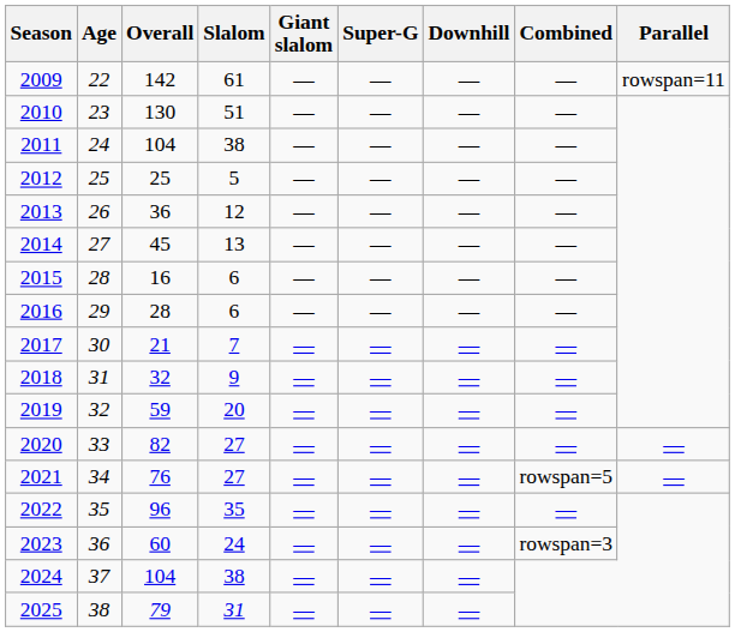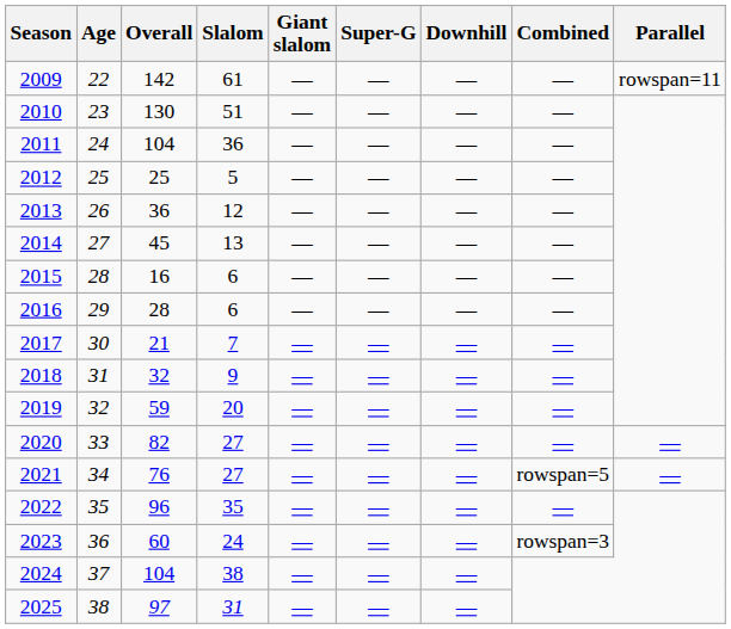 <table class=wikitable style="text-align:center">
 <tr>
 <th>Season</th>
 <th>Age</th>
 <th>Overall</th>
 <th>Slalom</th>
 <th>Giant<br>slalom</th>
 <th>Super-G</th>
 <th>Downhill</th>
 <th>Combined</th>
 <th>Parallel</th>
 </tr>
 <tr>
 <td><a href='#'>2009</a></td>
 <td><em>22</em></td>
 <td>142</td>
 <td>61</td>
 <td>—</td>
 <td>—</td>
 <td>—</td>
 <td>—</td>
 <td>rowspan=11 </td>
 </tr>
 <tr>
 <td><a href='#'>2010</a></td>
 <td><em>23</em></td>
 <td>130</td>
 <td>51</td>
 <td>—</td>
 <td>—</td>
 <td>—</td>
 <td>—</td>
 </tr>
 <tr>
 <td><a href='#'>2011</a></td>
 <td><em>24</em></td>
 <td>104</td>
-<td>38</td>
+<td>36</td>
 <td>—</td>
 <td>—</td>
 <td>—</td>
 <td>—</td>
 </tr>
 <tr>
 <td><a href='#'>2012</a></td>
 <td><em>25</em></td>
 <td>25</td>
 <td>5</td>
 <td>—</td>
 <td>—</td>
 <td>—</td>
 <td>—</td>
 </tr>
 <tr>
 <td><a href='#'>2013</a></td>
 <td><em>26</em></td>
 <td>36</td>
 <td>12</td>
 <td>—</td>
 <td>—</td>
 <td>—</td>
 <td>—</td>
 </tr>
 <tr>
 <td><a href='#'>2014</a></td>
 <td><em>27</em></td>
 <td>45</td>
 <td>13</td>
 <td>—</td>
 <td>—</td>
 <td>—</td>
 <td>—</td>
 </tr>
 <tr>
 <td><a href='#'>2015</a></td>
 <td><em>28</em></td>
 <td>16</td>
 <td>6</td>
 <td>—</td>
 <td>—</td>
 <td>—</td>
 <td>—</td>
 </tr>
 <tr>
 <td><a href='#'>2016</a></td>
 <td><em>29</em></td>
 <td>28</td>
 <td>6</td>
 <td>—</td>
 <td>—</td>
 <td>—</td>
 <td>—</td>
 </tr>
 <tr>
 <td><a href='#'>2017</a></td>
 <td><em>30</em></td>
 <td><a href='#'>21</a></td>
 <td><a href='#'>7</a></td>
 <td><a href='#'>—</a></td>
 <td><a href='#'>—</a></td>
 <td><a href='#'>—</a></td>
 <td><a href='#'>—</a></td>
 </tr>
 <tr>
 <td><a href='#'>2018</a></td>
 <td><em>31</em></td>
 <td><a href='#'>32</a></td>
 <td><a href='#'>9</a></td>
 <td><a href='#'>—</a></td>
 <td><a href='#'>—</a></td>
 <td><a href='#'>—</a></td>
 <td><a href='#'>—</a></td>
 </tr>
 <tr>
 <td><a href='#'>2019</a></td>
 <td><em>32</em></td>
 <td><a href='#'>59</a></td>
 <td><a href='#'>20</a></td>
 <td><a href='#'>—</a></td>
 <td><a href='#'>—</a></td>
 <td><a href='#'>—</a></td>
 <td><a href='#'>—</a></td>
 </tr>
 <tr>
 <td><a href='#'>2020</a></td>
 <td><em>33</em></td>
 <td><a href='#'>82</a></td>
 <td><a href='#'>27</a></td>
 <td><a href='#'>—</a></td>
 <td><a href='#'>—</a></td>
 <td><a href='#'>—</a></td>
 <td><a href='#'>—</a></td>
 <td><a href='#'>—</a></td>
 </tr>
 <tr>
 <td><a href='#'>2021</a></td>
 <td><em>34</em></td>
 <td><a href='#'>76</a></td>
 <td><a href='#'>27</a></td>
 <td><a href='#'>—</a></td>
 <td><a href='#'>—</a></td>
 <td><a href='#'>—</a></td>
 <td>rowspan=5 </td>
 <td><a href='#'>—</a></td>
 </tr>
 <tr>
 <td><a href='#'>2022</a></td>
 <td><em>35</em></td>
 <td><a href='#'>96</a></td>
 <td><a href='#'>35</a></td>
 <td><a href='#'>—</a></td>
 <td><a href='#'>—</a></td>
 <td><a href='#'>—</a></td>
 <td><a href='#'>—</a></td>
 </tr>
 <tr>
 <td><a href='#'>2023</a></td>
 <td><em>36</em></td>
 <td><a href='#'>60</a></td>
 <td><a href='#'>24</a></td>
 <td><a href='#'>—</a></td>
 <td><a href='#'>—</a></td>
 <td><a href='#'>—</a></td>
 <td>rowspan=3 </td>
 </tr>
 <tr>
 <td><a href='#'>2024</a></td>
 <td><em>37</em></td>
 <td><a href='#'>104</a></td>
 <td><a href='#'>38</a></td>
 <td><a href='#'>—</a></td>
 <td><a href='#'>—</a></td>
 <td><a href='#'>—</a></td>
 </tr>
 <tr>
 <td><a href='#'>2025</a></td>
 <td><em>38</em></td>
-<td><a href='#'><em>79</em></a></td>
+<td><a href='#'><em>97</em></a></td>
 <td><a href='#'><em>31</em></a></td>
 <td><a href='#'>—</a></td>
 <td><a href='#'>—</a></td>
 <td><a href='#'>—</a></td>
 </tr>
 </table>
